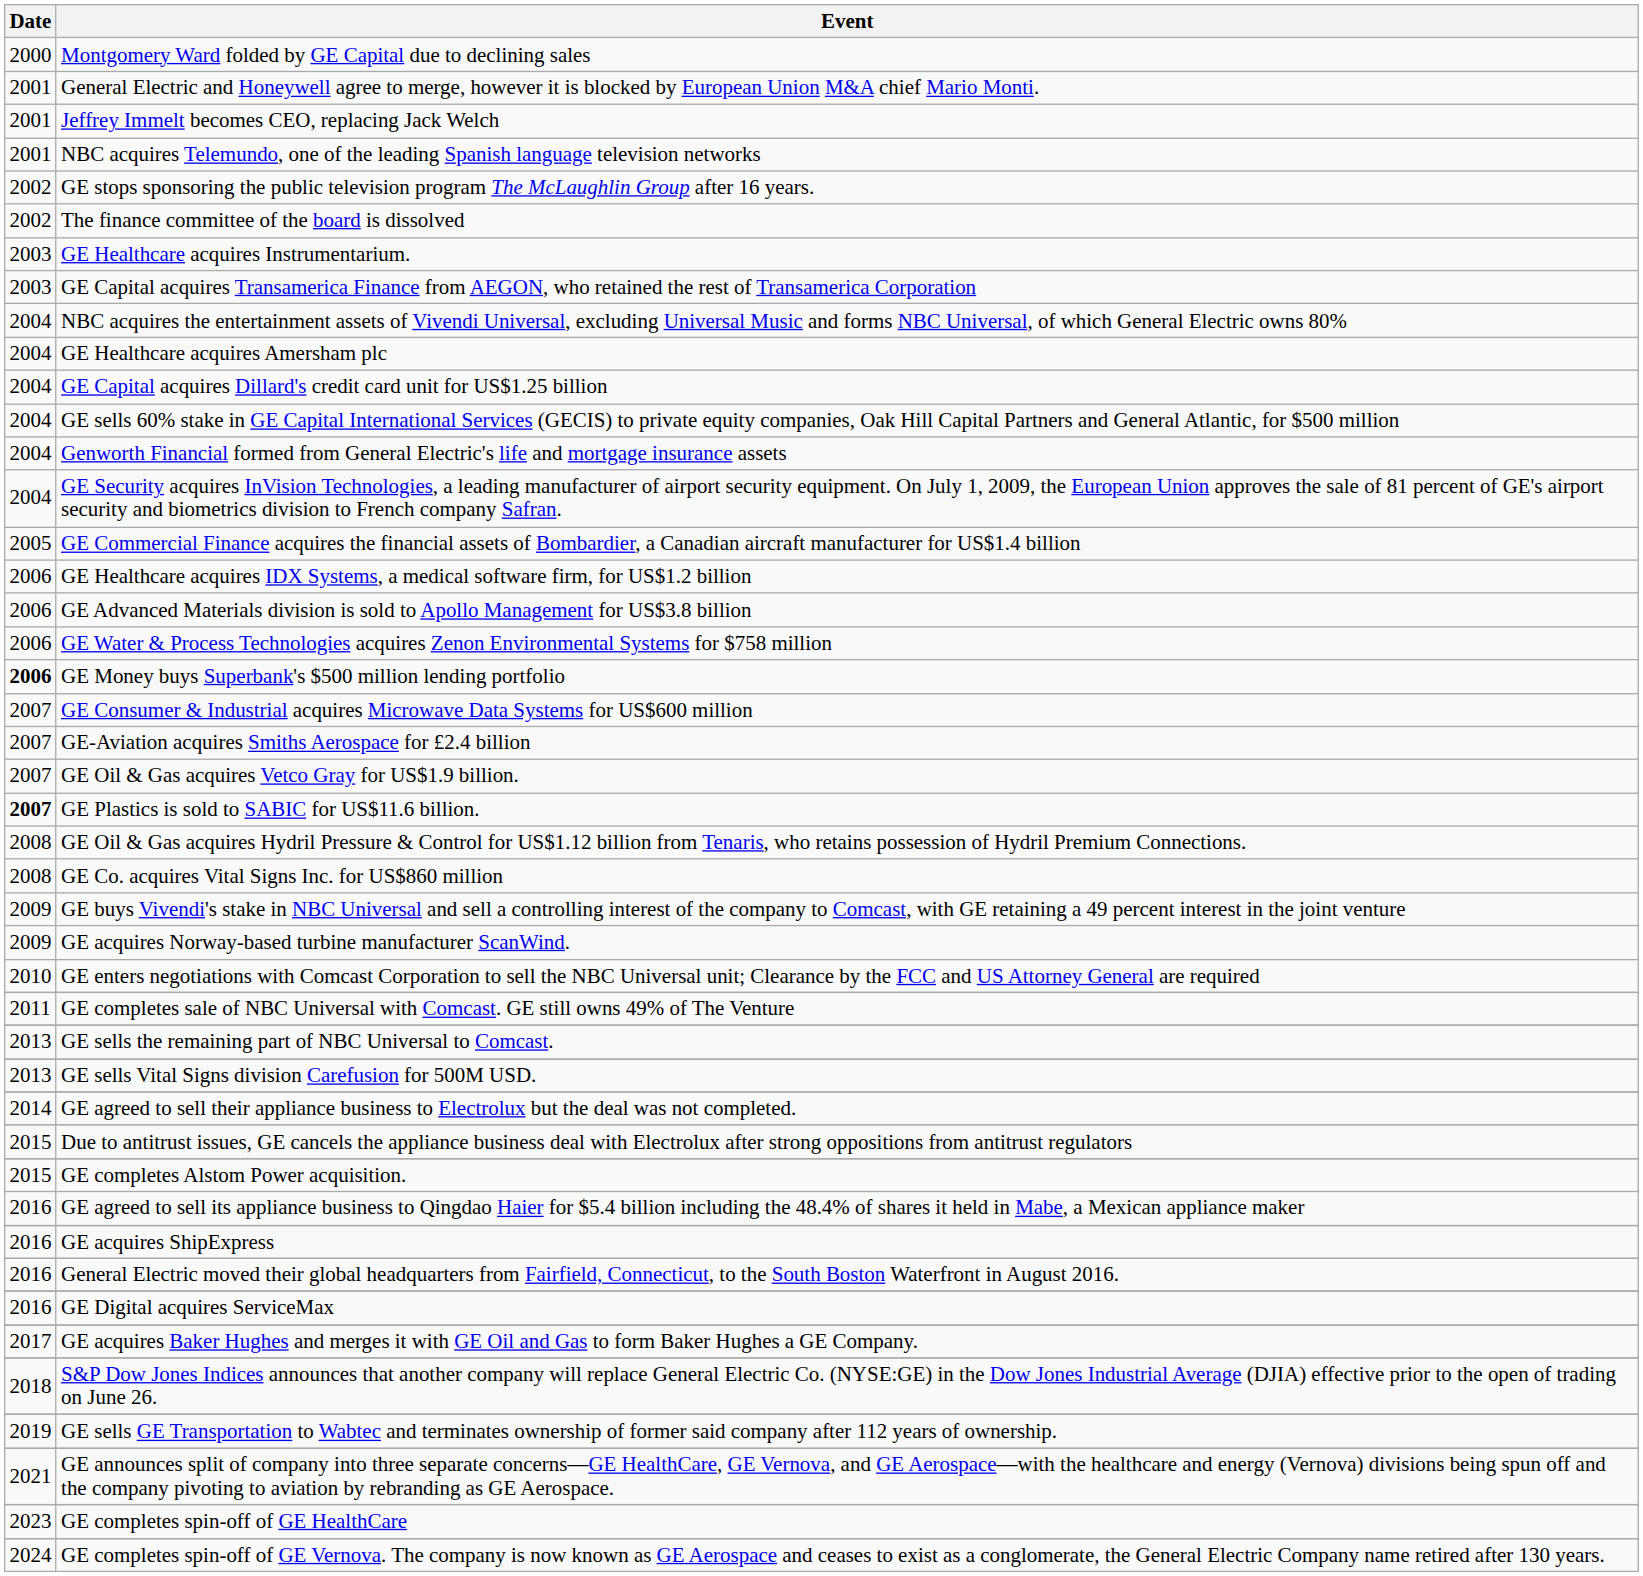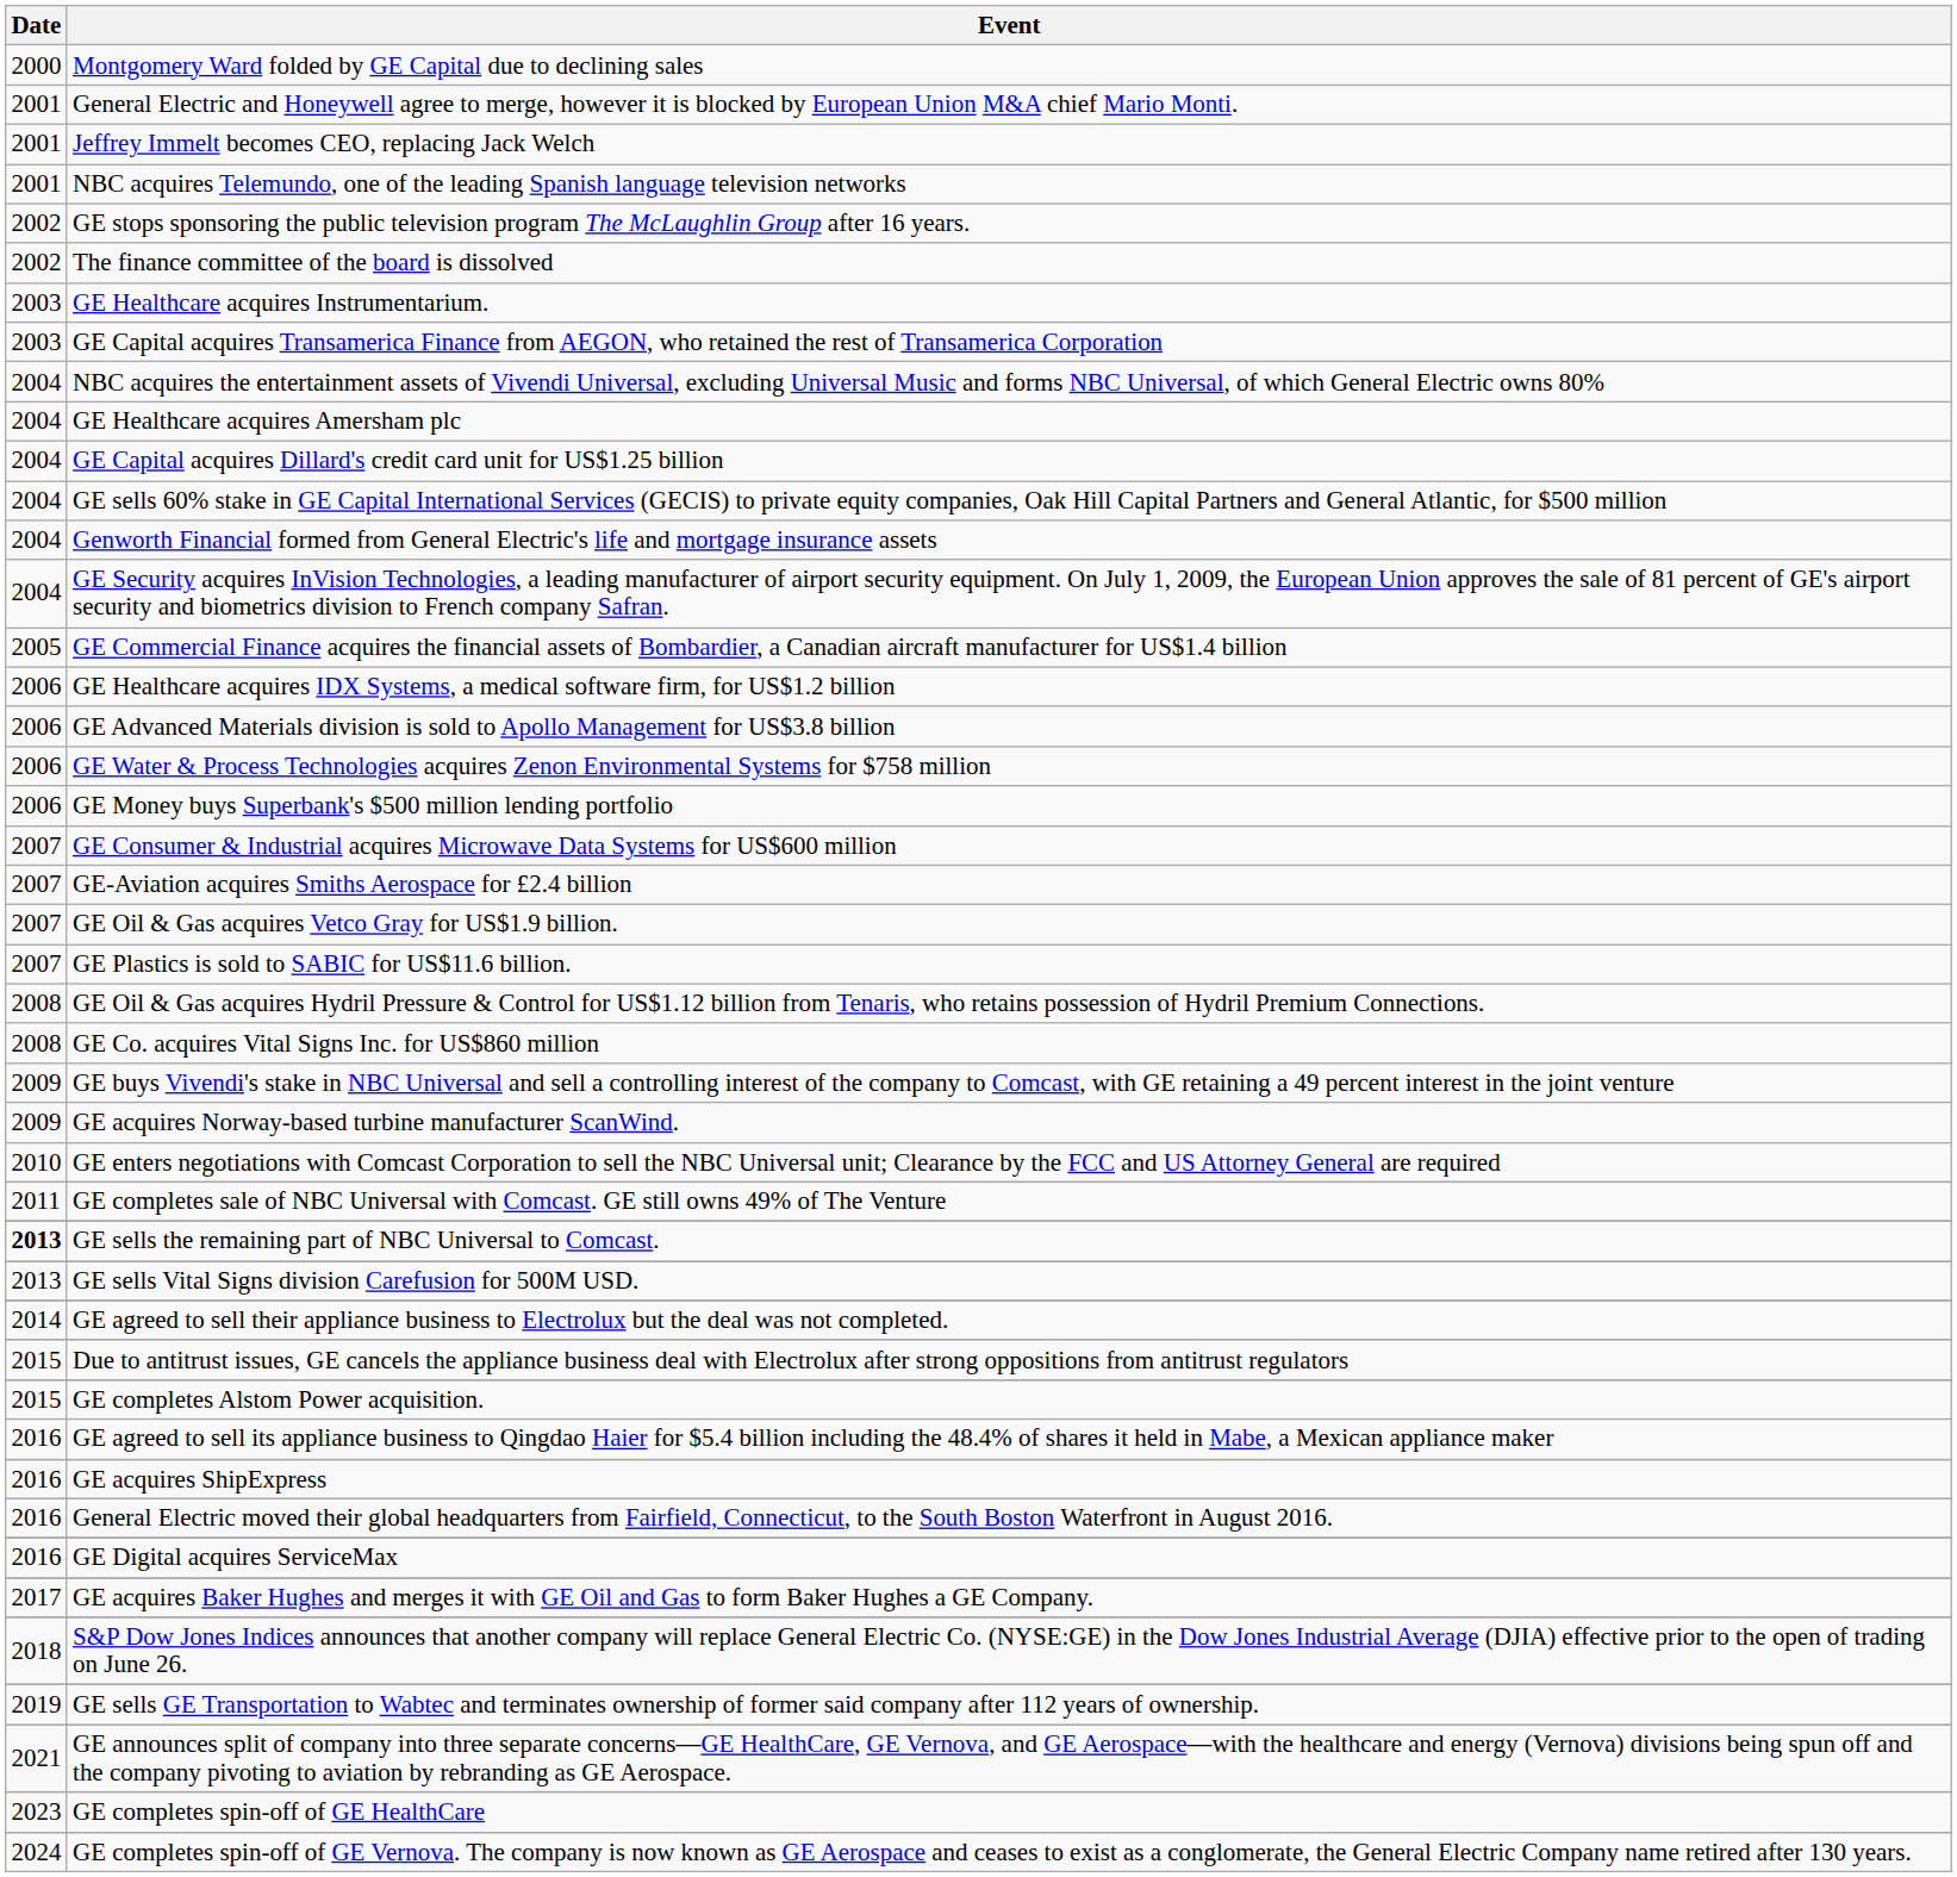 <table class="wikitable">
 <tr>
 <th>Date</th>
 <th>Event</th>
 </tr>
 <tr>
 <td>2000</td>
 <td><a href='#'>Montgomery Ward</a> folded by <a href='#'>GE Capital</a> due to declining sales</td>
 </tr>
 <tr>
 <td>2001</td>
 <td>General Electric and <a href='#'>Honeywell</a> agree to merge, however it is blocked by <a href='#'>European Union</a> <a href='#'>M&A</a> chief <a href='#'>Mario Monti</a>.</td>
 </tr>
 <tr>
 <td>2001</td>
 <td><a href='#'>Jeffrey Immelt</a> becomes CEO, replacing Jack Welch</td>
 </tr>
 <tr>
 <td>2001</td>
 <td>NBC acquires <a href='#'>Telemundo</a>, one of the leading <a href='#'>Spanish language</a> television networks</td>
 </tr>
 <tr>
 <td>2002</td>
 <td>GE stops sponsoring the public television program <em><a href='#'>The McLaughlin Group</a></em> after 16 years.</td>
 </tr>
 <tr>
 <td>2002</td>
 <td>The finance committee of the <a href='#'>board</a> is dissolved</td>
 </tr>
 <tr>
 <td>2003</td>
 <td><a href='#'>GE Healthcare</a> acquires Instrumentarium.</td>
 </tr>
 <tr>
 <td>2003</td>
 <td>GE Capital acquires <a href='#'>Transamerica Finance</a> from <a href='#'>AEGON</a>, who retained the rest of <a href='#'>Transamerica Corporation</a></td>
 </tr>
 <tr>
 <td>2004</td>
 <td>NBC acquires the entertainment assets of <a href='#'>Vivendi Universal</a>, excluding <a href='#'>Universal Music</a> and forms <a href='#'>NBC Universal</a>, of which General Electric owns 80%</td>
 </tr>
 <tr>
 <td>2004</td>
 <td>GE Healthcare acquires Amersham plc</td>
 </tr>
 <tr>
 <td>2004</td>
 <td><a href='#'>GE Capital</a> acquires <a href='#'>Dillard's</a> credit card unit for US$1.25 billion</td>
 </tr>
 <tr>
 <td>2004</td>
 <td>GE sells 60% stake in <a href='#'>GE Capital International Services</a> (GECIS) to private equity companies, Oak Hill Capital Partners and General Atlantic, for $500 million</td>
 </tr>
 <tr>
 <td>2004</td>
 <td><a href='#'>Genworth Financial</a> formed from General Electric's <a href='#'>life</a> and <a href='#'>mortgage insurance</a> assets</td>
 </tr>
 <tr>
 <td>2004</td>
 <td><a href='#'>GE Security</a> acquires <a href='#'>InVision Technologies</a>, a leading manufacturer of airport security equipment. On July 1, 2009, the <a href='#'>European Union</a> approves the sale of 81 percent of GE's airport security and biometrics division to French company <a href='#'>Safran</a>.</td>
 </tr>
 <tr>
 <td>2005</td>
 <td><a href='#'>GE Commercial Finance</a> acquires the financial assets of <a href='#'>Bombardier</a>, a Canadian aircraft manufacturer for US$1.4 billion</td>
 </tr>
 <tr>
 <td>2006</td>
 <td>GE Healthcare acquires <a href='#'>IDX Systems</a>, a medical software firm, for US$1.2 billion</td>
 </tr>
 <tr>
 <td>2006</td>
 <td>GE Advanced Materials division is sold to <a href='#'>Apollo Management</a> for US$3.8 billion</td>
 </tr>
 <tr>
 <td>2006</td>
 <td><a href='#'>GE Water & Process Technologies</a> acquires <a href='#'>Zenon Environmental Systems</a> for $758 million</td>
 </tr>
 <tr>
-<td><strong>2006</strong></td>
+<td>2006</td>
 <td>GE Money buys <a href='#'>Superbank</a>'s $500 million lending portfolio</td>
 </tr>
 <tr>
 <td>2007</td>
 <td><a href='#'>GE Consumer & Industrial</a> acquires <a href='#'>Microwave Data Systems</a> for US$600 million</td>
 </tr>
 <tr>
 <td>2007</td>
 <td>GE-Aviation acquires <a href='#'>Smiths Aerospace</a> for £2.4 billion</td>
 </tr>
 <tr>
 <td>2007</td>
 <td>GE Oil & Gas acquires <a href='#'>Vetco Gray</a> for US$1.9 billion.</td>
 </tr>
 <tr>
-<td><strong>2007</strong></td>
+<td>2007</td>
 <td>GE Plastics is sold to <a href='#'>SABIC</a> for US$11.6 billion.</td>
 </tr>
 <tr>
 <td>2008</td>
 <td>GE Oil & Gas acquires Hydril Pressure & Control for US$1.12 billion from <a href='#'>Tenaris</a>, who retains possession of Hydril Premium Connections.</td>
 </tr>
 <tr>
 <td>2008</td>
 <td>GE Co. acquires Vital Signs Inc. for US$860 million</td>
 </tr>
 <tr>
 <td>2009</td>
 <td>GE buys <a href='#'>Vivendi</a>'s stake in <a href='#'>NBC Universal</a> and sell a controlling interest of the company to <a href='#'>Comcast</a>, with GE retaining a 49 percent interest in the joint venture</td>
 </tr>
 <tr>
 <td>2009</td>
 <td>GE acquires Norway-based turbine manufacturer <a href='#'>ScanWind</a>.</td>
 </tr>
 <tr>
 <td>2010</td>
 <td>GE enters negotiations with Comcast Corporation to sell the NBC Universal unit; Clearance by the <a href='#'>FCC</a> and <a href='#'>US Attorney General</a> are required</td>
 </tr>
 <tr>
 </tr>
 <tr>
 <td>2011</td>
 <td>GE completes sale of NBC Universal with <a href='#'>Comcast</a>. GE still owns 49% of The Venture</td>
 </tr>
 <tr>
 </tr>
 <tr>
-<td>2013</td>
+<td><strong>2013</strong></td>
 <td>GE sells the remaining part of NBC Universal to <a href='#'>Comcast</a>.</td>
 </tr>
 <tr>
 </tr>
 <tr>
 <td>2013</td>
 <td>GE sells Vital Signs division <a href='#'>Carefusion</a> for 500M USD.</td>
 </tr>
 <tr>
 </tr>
 <tr>
 <td>2014</td>
 <td>GE agreed to sell their appliance business to <a href='#'>Electrolux</a> but the deal was not completed.</td>
 </tr>
 <tr>
 </tr>
 <tr>
 <td>2015</td>
 <td>Due to antitrust issues, GE cancels the appliance business deal with Electrolux after strong oppositions from  antitrust regulators </td>
 </tr>
 <tr>
 </tr>
 <tr>
 <td>2015</td>
 <td>GE completes Alstom Power acquisition.</td>
 </tr>
 <tr>
 <td>2016</td>
 <td>GE agreed to sell its appliance business to Qingdao <a href='#'>Haier</a> for $5.4 billion including the 48.4% of shares it held in <a href='#'>Mabe</a>, a Mexican appliance maker </td>
 </tr>
 <tr>
 </tr>
 <tr>
 <td>2016</td>
 <td>GE acquires ShipExpress </td>
 </tr>
 <tr>
 </tr>
 <tr>
 <td>2016</td>
 <td>General Electric moved their global headquarters from <a href='#'>Fairfield, Connecticut</a>, to the <a href='#'>South Boston</a> Waterfront in August 2016.</td>
 </tr>
 <tr>
 </tr>
 <tr>
 <td>2016</td>
 <td>GE Digital acquires ServiceMax </td>
 </tr>
 <tr>
 </tr>
 <tr>
 <td>2017</td>
 <td>GE acquires <a href='#'>Baker Hughes</a> and merges it with <a href='#'>GE Oil and Gas</a> to form Baker Hughes a GE Company.</td>
 </tr>
 <tr>
 </tr>
 <tr>
 <td>2018</td>
 <td><a href='#'>S&P Dow Jones Indices</a> announces that another company will replace General Electric Co. (NYSE:GE) in the <a href='#'>Dow Jones Industrial Average</a> (DJIA) effective prior to the open of trading on June 26.</td>
 </tr>
 <tr>
 </tr>
 <tr>
 <td>2019</td>
 <td>GE sells <a href='#'>GE Transportation</a> to <a href='#'>Wabtec</a> and terminates ownership of former said company after 112 years of ownership.</td>
 </tr>
 <tr>
 </tr>
 <tr>
 <td>2021</td>
 <td>GE announces split of company into three separate concerns—<a href='#'>GE HealthCare</a>, <a href='#'>GE Vernova</a>, and <a href='#'>GE Aerospace</a>—with the healthcare and energy (Vernova) divisions being spun off and the company pivoting to aviation by rebranding as GE Aerospace.</td>
 </tr>
 <tr>
 </tr>
 <tr>
 <td>2023</td>
 <td>GE completes spin-off of <a href='#'>GE HealthCare</a></td>
 </tr>
 <tr>
 </tr>
 <tr>
 <td>2024</td>
 <td>GE completes spin-off of <a href='#'>GE Vernova</a>. The company is now known as <a href='#'>GE Aerospace</a> and ceases to exist as a conglomerate, the General Electric Company name retired after 130 years.</td>
 </tr>
 </table>
